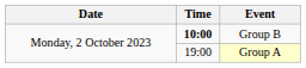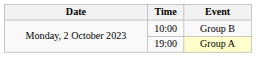 <table class="wikitable" style="text-align:center;">
 <tr>
 <th width=220>Date</th>
 <th width=50>Time</th>
 <th width=100>Event</th>
 </tr>
 <tr>
 <td rowspan=2>Monday, 2 October 2023</td>
-<td><strong>10:00</strong></td>
+<td>10:00</td>
 <td>Group B</td>
 </tr>
 <tr>
 <td>19:00</td>
 <td bgcolor="ffffcc">Group A</td>
 </tr>
 </table>
